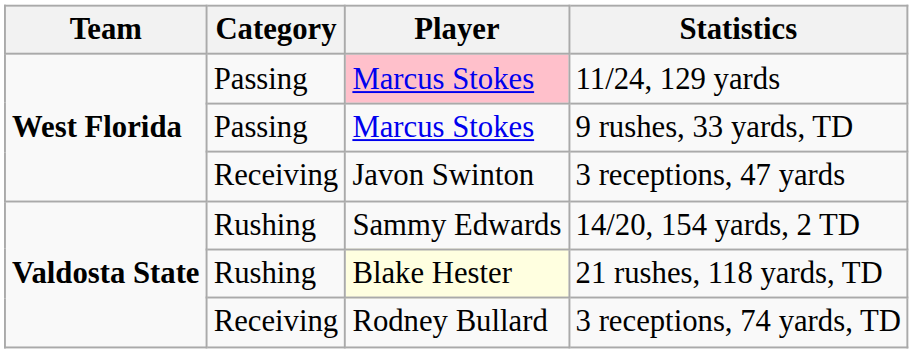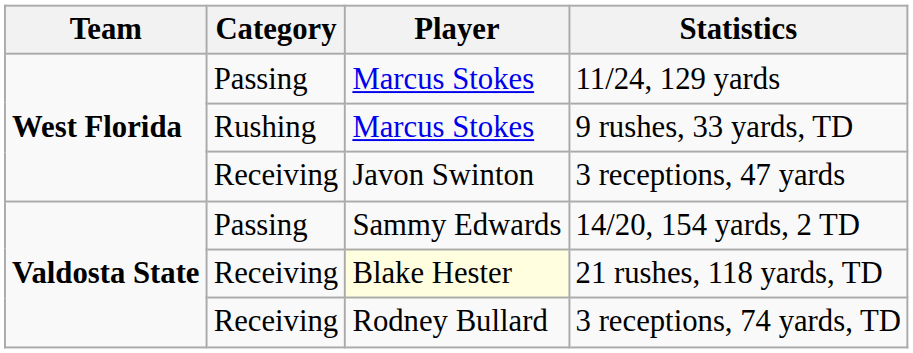 <table class="wikitable" style="float: left;">
 <tr>
 <th>Team</th>
 <th>Category</th>
 <th>Player</th>
 <th>Statistics</th>
 </tr>
 <tr>
 <td rowspan=3><strong>West Florida</strong></td>
 <td>Passing</td>
-<td style="background: pink;"><a href='#'>Marcus Stokes</a></td>
+<td><a href='#'>Marcus Stokes</a></td>
 <td>11/24, 129 yards</td>
 </tr>
 <tr>
-<td>Passing</td>
+<td>Rushing</td>
 <td><a href='#'>Marcus Stokes</a></td>
 <td>9 rushes, 33 yards, TD</td>
 </tr>
 <tr>
 <td>Receiving</td>
 <td>Javon Swinton</td>
 <td>3 receptions, 47 yards</td>
 </tr>
 <tr>
 <td rowspan=3><strong>Valdosta State</strong></td>
-<td>Rushing</td>
+<td>Passing</td>
 <td>Sammy Edwards</td>
 <td>14/20, 154 yards, 2 TD</td>
 </tr>
 <tr>
-<td>Rushing</td>
+<td>Receiving</td>
 <td style="background: lightyellow;">Blake Hester</td>
 <td>21 rushes, 118 yards, TD</td>
 </tr>
 <tr>
 <td>Receiving</td>
 <td>Rodney Bullard</td>
 <td>3 receptions, 74 yards, TD</td>
 </tr>
 </table>
